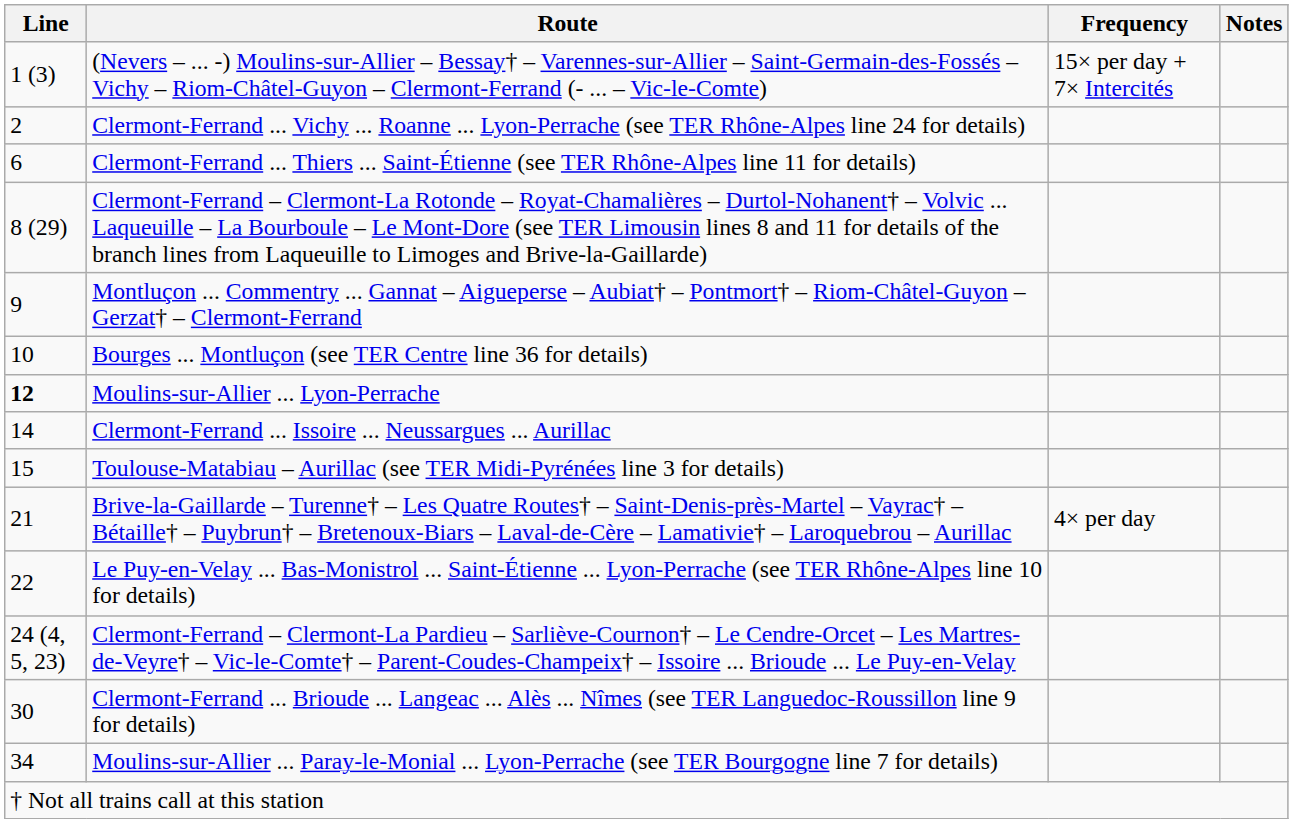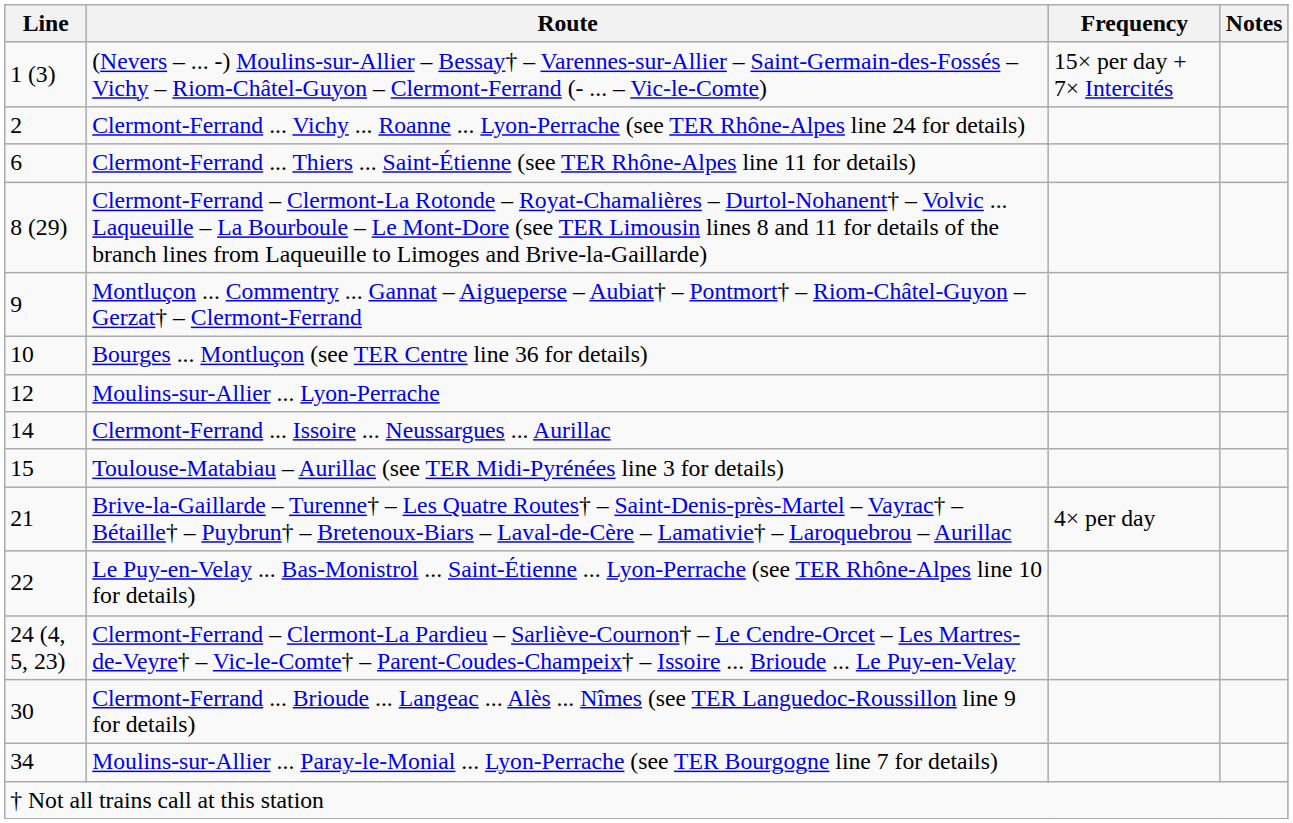 <table class="wikitable vatop">
 <tr>
 <th>Line</th>
 <th>Route</th>
 <th>Frequency</th>
 <th>Notes</th>
 </tr>
 <tr>
 <td>1 (3)</td>
 <td>(<a href='#'>Nevers</a> – ... -) <a href='#'>Moulins-sur-Allier</a> – <a href='#'>Bessay</a>† – <a href='#'>Varennes-sur-Allier</a> – <a href='#'>Saint-Germain-des-Fossés</a> – <a href='#'>Vichy</a> – <a href='#'>Riom-Châtel-Guyon</a> – <a href='#'>Clermont-Ferrand</a> (- ... – <a href='#'>Vic-le-Comte</a>)</td>
 <td>15× per day + 7× <a href='#'>Intercités</a></td>
 <td></td>
 </tr>
 <tr>
 <td>2</td>
 <td><a href='#'>Clermont-Ferrand</a> ... <a href='#'>Vichy</a> ... <a href='#'>Roanne</a> ... <a href='#'>Lyon-Perrache</a> (see <a href='#'>TER Rhône-Alpes</a> line 24 for details)</td>
 <td></td>
 <td></td>
 </tr>
 <tr>
 <td>6</td>
 <td><a href='#'>Clermont-Ferrand</a> ... <a href='#'>Thiers</a> ... <a href='#'>Saint-Étienne</a> (see <a href='#'>TER Rhône-Alpes</a> line 11 for details)</td>
 <td></td>
 <td></td>
 </tr>
 <tr>
 <td>8 (29)</td>
 <td><a href='#'>Clermont-Ferrand</a> – <a href='#'>Clermont-La Rotonde</a> –  <a href='#'>Royat-Chamalières</a> – <a href='#'>Durtol-Nohanent</a>† – <a href='#'>Volvic</a> ... <a href='#'>Laqueuille</a> – <a href='#'>La Bourboule</a> – <a href='#'>Le Mont-Dore</a> (see <a href='#'>TER Limousin</a> lines 8 and 11 for details of the branch lines from Laqueuille to Limoges and Brive-la-Gaillarde)</td>
 <td></td>
 <td></td>
 </tr>
 <tr>
 <td>9</td>
 <td><a href='#'>Montluçon</a> ... <a href='#'>Commentry</a> ... <a href='#'>Gannat</a> – <a href='#'>Aigueperse</a> – <a href='#'>Aubiat</a>† – <a href='#'>Pontmort</a>† – <a href='#'>Riom-Châtel-Guyon</a> – <a href='#'>Gerzat</a>† – <a href='#'>Clermont-Ferrand</a></td>
 <td></td>
 <td></td>
 </tr>
 <tr>
 <td>10</td>
 <td><a href='#'>Bourges</a> ... <a href='#'>Montluçon</a> (see <a href='#'>TER Centre</a> line 36 for details)</td>
 <td></td>
 <td></td>
 </tr>
 <tr>
-<td><strong>12</strong></td>
+<td>12</td>
 <td><a href='#'>Moulins-sur-Allier</a> ... <a href='#'>Lyon-Perrache</a></td>
 <td></td>
 <td></td>
 </tr>
 <tr>
 <td>14</td>
 <td><a href='#'>Clermont-Ferrand</a> ... <a href='#'>Issoire</a> ... <a href='#'>Neussargues</a> ... <a href='#'>Aurillac</a></td>
 <td></td>
 <td></td>
 </tr>
 <tr>
 <td>15</td>
 <td><a href='#'>Toulouse-Matabiau</a> – <a href='#'>Aurillac</a> (see <a href='#'>TER Midi-Pyrénées</a> line 3 for details)</td>
 <td></td>
 <td></td>
 </tr>
 <tr>
 <td>21</td>
 <td><a href='#'>Brive-la-Gaillarde</a> – <a href='#'>Turenne</a>† – <a href='#'>Les Quatre Routes</a>† – <a href='#'>Saint-Denis-près-Martel</a> – <a href='#'>Vayrac</a>† – <a href='#'>Bétaille</a>† – <a href='#'>Puybrun</a>† – <a href='#'>Bretenoux-Biars</a> – <a href='#'>Laval-de-Cère</a> – <a href='#'>Lamativie</a>† – <a href='#'>Laroquebrou</a> – <a href='#'>Aurillac</a></td>
 <td>4× per day</td>
 <td></td>
 </tr>
 <tr>
 <td>22</td>
 <td><a href='#'>Le Puy-en-Velay</a> ... <a href='#'>Bas-Monistrol</a> ... <a href='#'>Saint-Étienne</a> ... <a href='#'>Lyon-Perrache</a> (see <a href='#'>TER Rhône-Alpes</a> line 10 for details)</td>
 <td></td>
 <td></td>
 </tr>
 <tr>
 <td>24 (4, 5, 23)</td>
 <td><a href='#'>Clermont-Ferrand</a> – <a href='#'>Clermont-La Pardieu</a> – <a href='#'>Sarliève-Cournon</a>† – <a href='#'>Le Cendre-Orcet</a> – <a href='#'>Les Martres-de-Veyre</a>† – <a href='#'>Vic-le-Comte</a>† – <a href='#'>Parent-Coudes-Champeix</a>† – <a href='#'>Issoire</a> ... <a href='#'>Brioude</a> ... <a href='#'>Le Puy-en-Velay</a></td>
 <td></td>
 <td></td>
 </tr>
 <tr>
 <td>30</td>
 <td><a href='#'>Clermont-Ferrand</a> ... <a href='#'>Brioude</a> ... <a href='#'>Langeac</a> ... <a href='#'>Alès</a> ... <a href='#'>Nîmes</a> (see <a href='#'>TER Languedoc-Roussillon</a> line 9 for details)</td>
 <td></td>
 <td></td>
 </tr>
 <tr>
 <td>34</td>
 <td><a href='#'>Moulins-sur-Allier</a> ... <a href='#'>Paray-le-Monial</a> ... <a href='#'>Lyon-Perrache</a> (see <a href='#'>TER Bourgogne</a> line 7 for details)</td>
 <td></td>
 <td></td>
 </tr>
 <tr>
 <td colspan=4>† Not all trains call at this station</td>
 </tr>
 </table>
